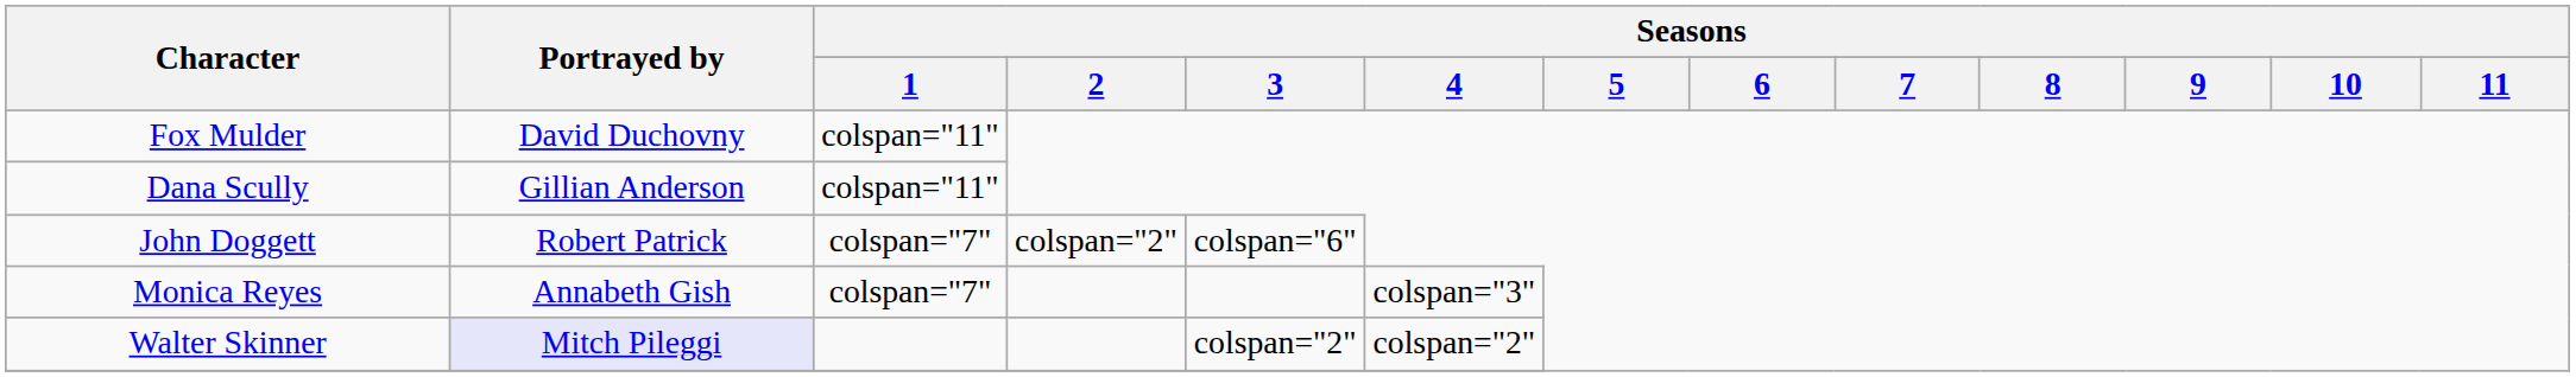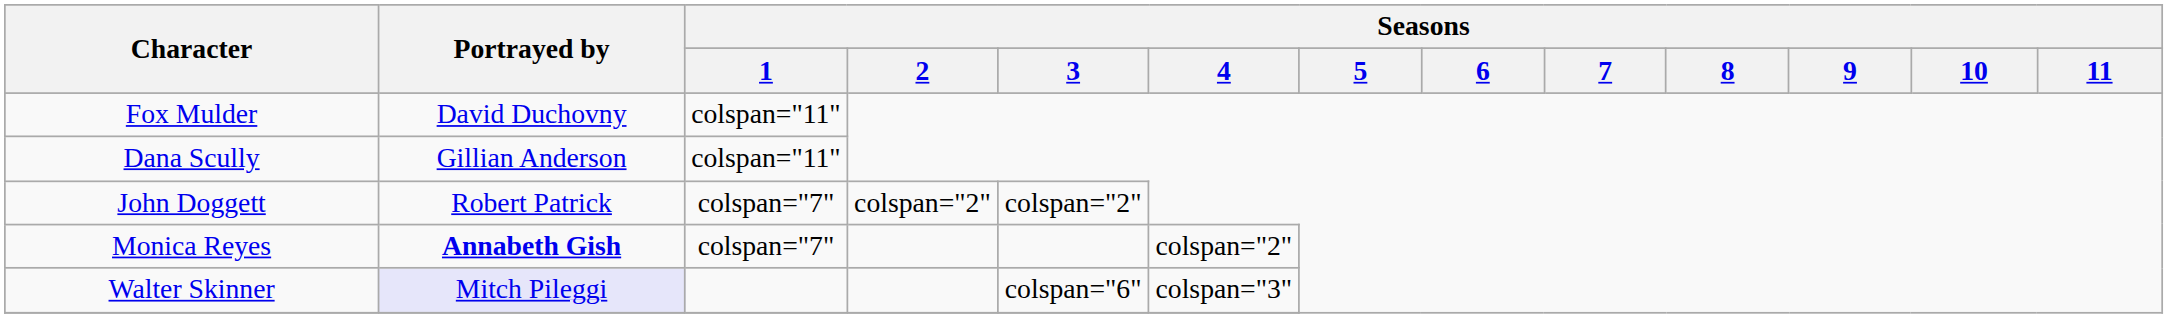 <table class="wikitable" style="text-align:center;">
 <tr>
 <th rowspan="2" style="width:250px;">Character</th>
 <th rowspan="2" style="width:200px;">Portrayed by</th>
 <th colspan="11">Seasons</th>
 </tr>
 <tr>
 <th style="width:80px;"><a href='#'>1</a></th>
 <th style="width:80px;"><a href='#'>2</a></th>
 <th style="width:80px;"><a href='#'>3</a></th>
 <th style="width:80px;"><a href='#'>4</a></th>
 <th style="width:80px;"><a href='#'>5</a></th>
 <th style="width:80px;"><a href='#'>6</a></th>
 <th style="width:80px;"><a href='#'>7</a></th>
 <th style="width:80px;"><a href='#'>8</a></th>
 <th style="width:80px;"><a href='#'>9</a></th>
 <th style="width:80px;"><a href='#'>10</a></th>
 <th style="width:80px;"><a href='#'>11</a></th>
 </tr>
 <tr>
 <td><a href='#'>Fox Mulder</a></td>
 <td><a href='#'>David Duchovny</a></td>
 <td>colspan="11" </td>
 </tr>
 <tr>
 <td><a href='#'>Dana Scully</a></td>
 <td><a href='#'>Gillian Anderson</a></td>
 <td>colspan="11" </td>
 </tr>
 <tr>
 <td><a href='#'>John Doggett</a></td>
 <td><a href='#'>Robert Patrick</a></td>
 <td>colspan="7" </td>
 <td>colspan="2" </td>
-<td>colspan="6" </td>
+<td>colspan="2" </td>
 </tr>
 <tr>
 <td><a href='#'>Monica Reyes</a></td>
-<td><a href='#'>Annabeth Gish</a></td>
+<td><strong><a href='#'>Annabeth Gish</a></strong></td>
 <td>colspan="7" </td>
 <td></td>
 <td></td>
-<td>colspan="3" </td>
+<td>colspan="2" </td>
 </tr>
 <tr>
 <td><a href='#'>Walter Skinner</a></td>
 <td style="background: lavender;"><a href='#'>Mitch Pileggi</a></td>
 <td></td>
 <td></td>
-<td>colspan="2" </td>
-<td>colspan="2" </td>
+<td>colspan="6" </td>
+<td>colspan="3" </td>
 </tr>
 <tr>
 </tr>
 </table>
